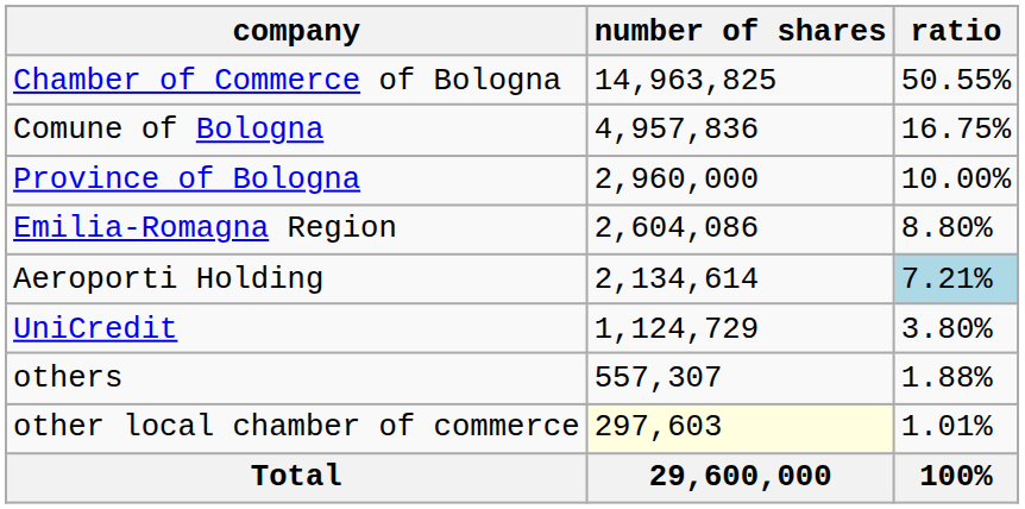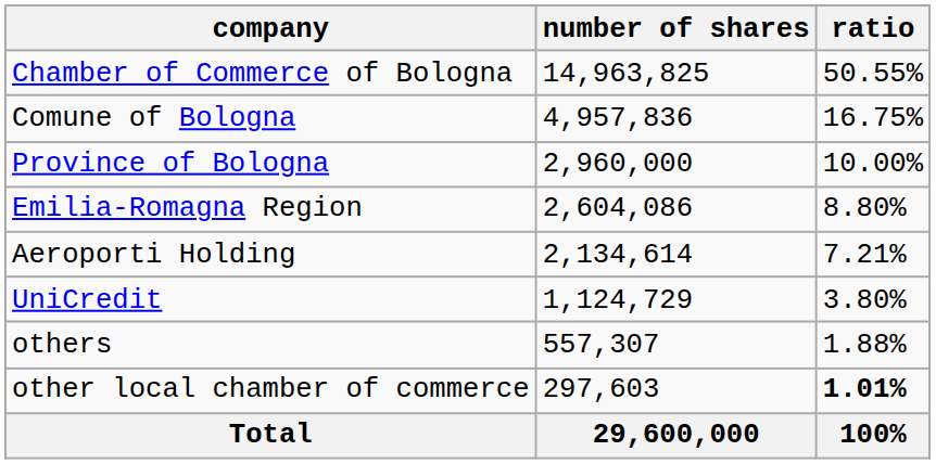 <table class="wikitable" border="1">
 <tr>
 </tr>
 <tr>
 <th>company</th>
 <th>number of shares</th>
 <th>ratio</th>
 </tr>
 <tr>
 <td><a href='#'>Chamber of Commerce</a> of Bologna</td>
 <td>14,963,825</td>
 <td>50.55%</td>
 </tr>
 <tr>
 <td>Comune of <a href='#'>Bologna</a></td>
 <td>4,957,836</td>
 <td>16.75%</td>
 </tr>
 <tr>
 <td><a href='#'>Province of Bologna</a></td>
 <td>2,960,000</td>
 <td>10.00%</td>
 </tr>
 <tr>
 <td><a href='#'>Emilia-Romagna</a> Region</td>
 <td>2,604,086</td>
 <td>8.80%</td>
 </tr>
 <tr>
 <td>Aeroporti Holding</td>
 <td>2,134,614</td>
-<td style="background: lightblue;">7.21%</td>
+<td>7.21%</td>
 </tr>
 <tr>
 <td><a href='#'>UniCredit</a></td>
 <td>1,124,729</td>
 <td>3.80%</td>
 </tr>
 <tr>
 <td>others</td>
 <td>557,307</td>
 <td>1.88%</td>
 </tr>
 <tr>
 <td>other local chamber of commerce</td>
-<td style="background: lightyellow;">297,603</td>
-<td>1.01%</td>
+<td>297,603</td>
+<td><strong>1.01%</strong></td>
 </tr>
 <tr>
 <th>Total</th>
 <th>29,600,000</th>
 <th>100%</th>
 </tr>
 </table>
